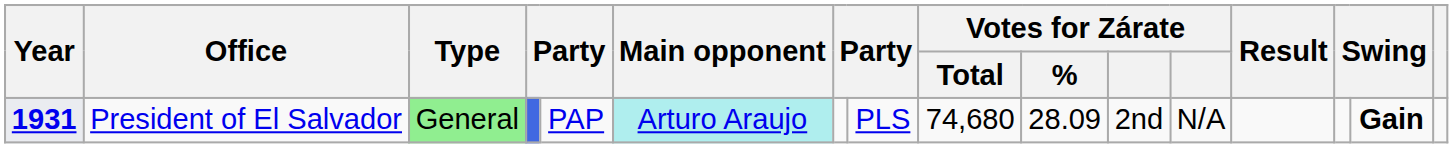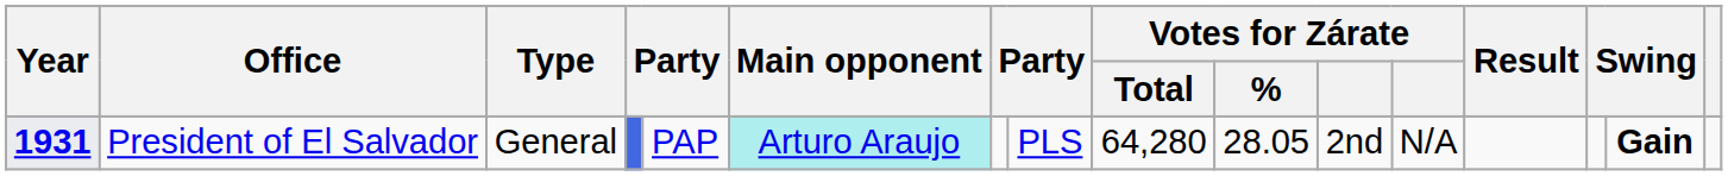 <table class="wikitable" style="font-size:90%; text-align:center;">
 <tr>
 <th rowspan="2">Year</th>
 <th rowspan="2">Office</th>
 <th rowspan="2">Type</th>
 <th colspan="2" rowspan="2">Party</th>
 <th rowspan="2">Main opponent</th>
 <th colspan="2" rowspan="2">Party</th>
 <th colspan="4">Votes for Zárate</th>
 <th rowspan="2">Result</th>
 <th colspan="2" rowspan="2">Swing</th>
 <th rowspan="2"></th>
 </tr>
 <tr>
 <th>Total</th>
 <th>%</th>
 <th></th>
 <th></th>
 </tr>
 <tr>
 <th style="background-color:#EAECF0;"><a href='#'>1931</a></th>
 <td><a href='#'>President of El Salvador</a></td>
-<td style="background: lightgreen;">General</td>
+<td>General</td>
 <td style="background-color:#4168E1;"></td>
 <td><a href='#'>PAP</a></td>
 <td style="background: paleturquoise;"><a href='#'>Arturo Araujo</a></td>
 <td style="background-color:"></td>
 <td><a href='#'>PLS</a></td>
-<td>74,680</td>
-<td>28.09</td>
+<td>64,280</td>
+<td>28.05</td>
 <td>2nd</td>
 <td>N/A</td>
 <td></td>
 <td style="background-color:"></td>
 <td><strong>Gain</strong></td>
 <td></td>
 </tr>
 </table>
